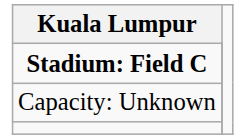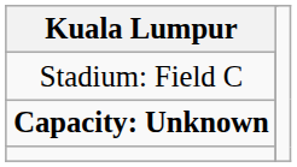 <table class="wikitable" style="text-align:center; margin: 1em auto;">
 <tr>
 <th colspan="2">Kuala Lumpur</th>
 <td rowspan=4></td>
 </tr>
 <tr>
-<td><strong>Stadium: Field C</strong></td>
+<td>Stadium: Field C</td>
 </tr>
 <tr>
-<td>Capacity: Unknown</td>
+<td><strong>Capacity: Unknown</strong></td>
 </tr>
 <tr>
 <td></td>
 </tr>
 </table>
